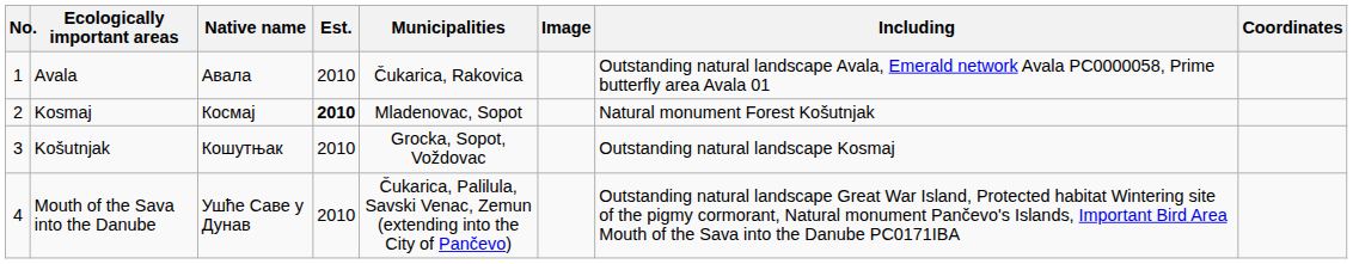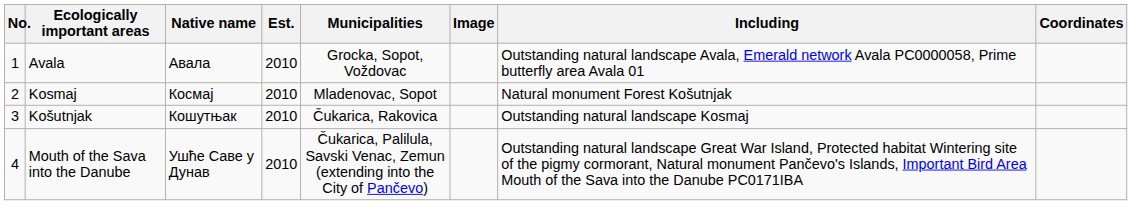 <table class="wikitable sortable">
 <tr>
 <th style=max-width:1em>No.</th>
 <th style=max-width:10em>Ecologically important areas</th>
 <th style=max-width:10em>Native name</th>
 <th style=max-width:6em>Est.</th>
 <th style=max-width:8em>Municipalities</th>
 <th style=max-width:6em>Image</th>
 <th style=max-width:6em>Including</th>
 <th style=max-height:4em, style=max-width:6em>Coordinates</th>
 </tr>
 <tr>
 <td align=center>1</td>
 <td>Avala</td>
 <td>Авала</td>
 <td align=center>2010</td>
-<td align=center>Čukarica, Rakovica</td>
+<td align=center>Grocka, Sopot, Voždovac</td>
 <td></td>
 <td>Outstanding natural landscape Avala, <a href='#'>Emerald network</a> Avala PC0000058, Prime butterfly area Avala 01</td>
 <td></td>
 </tr>
 <tr>
 <td align=center>2</td>
 <td>Kosmaj</td>
 <td>Космај</td>
-<td align=center><strong>2010</strong></td>
+<td align=center>2010</td>
 <td align=center>Mladenovac, Sopot</td>
 <td></td>
 <td>Natural monument Forest Košutnjak</td>
 <td></td>
 </tr>
 <tr>
 <td align=center>3</td>
 <td>Košutnjak</td>
 <td>Кошутњак</td>
 <td align=center>2010</td>
-<td align=center>Grocka, Sopot, Voždovac</td>
+<td align=center>Čukarica, Rakovica</td>
 <td></td>
 <td>Outstanding natural landscape Kosmaj</td>
 <td></td>
 </tr>
 <tr>
 <td align=center>4</td>
 <td>Mouth of the Sava into the Danube</td>
 <td>Ушће Саве у Дунав</td>
 <td align=center>2010</td>
 <td align=center>Čukarica, Palilula,<br>Savski Venac, Zemun<br>(extending into the City of <a href='#'>Pančevo</a>)</td>
 <td></td>
 <td>Outstanding natural landscape Great War Island, Protected habitat Wintering site of the pigmy cormorant, Natural monument Pančevo's Islands, <a href='#'>Important Bird Area</a> Mouth of the Sava into the Danube PC0171IBA</td>
 <td></td>
 </tr>
 </table>
